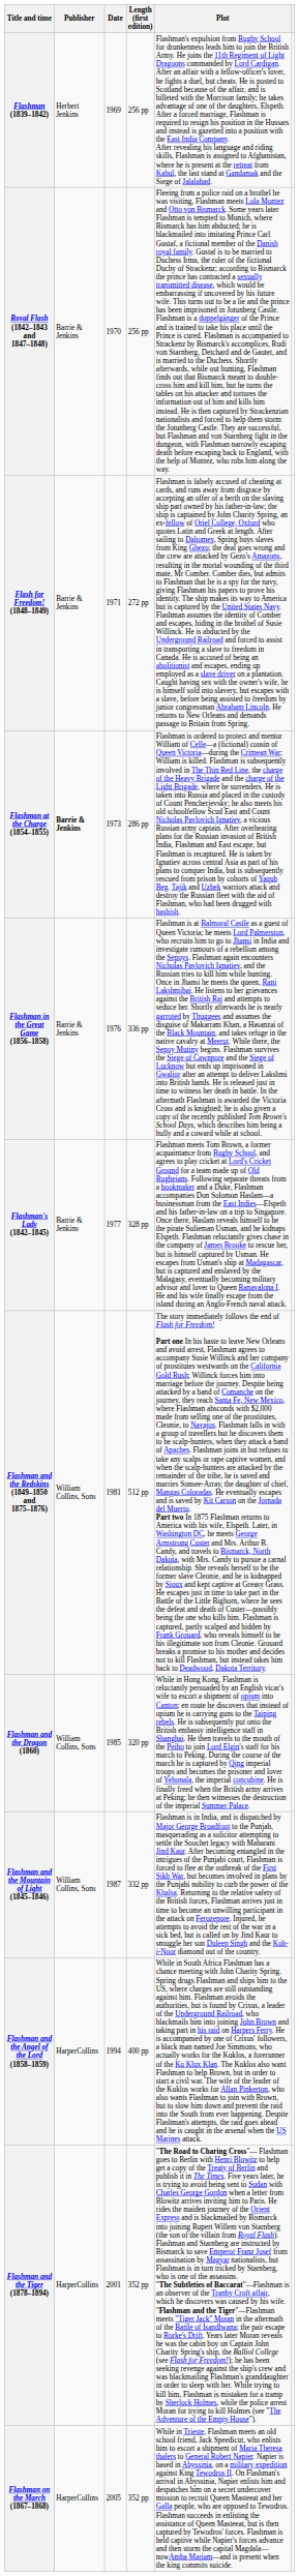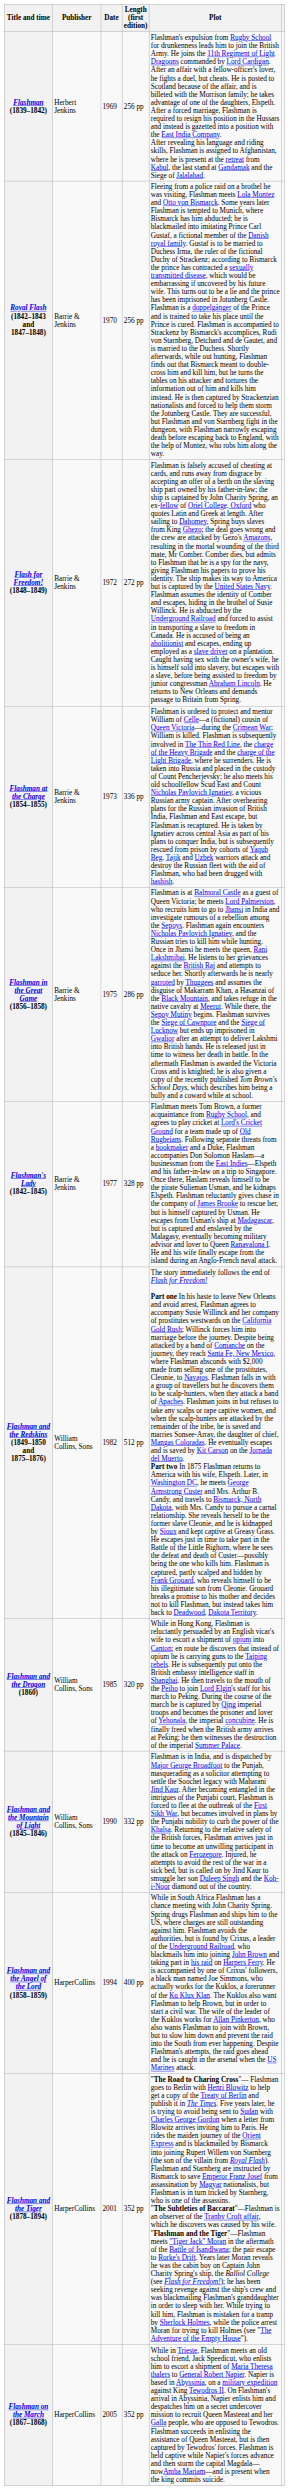 <table class="wikitable plainrowheaders sortable" style="margin-right: 0;">
 <tr>
 <th scope="col" style="width: 100px;">Title and time</th>
 <th scope="col" style="width: 100px;">Publisher</th>
 <th scope="col" style="width: 40px;">Date</th>
 <th scope="col" style="width: 20px;">Length (first edition)</th>
 <th scope="col" class="unsortable">Plot</th>
 <th scope="col" class="unsortable"></th>
 </tr>
 <tr>
 <th scope="row"><em><a href='#'>Flashman</a></em><br>(1839–1842)</th>
 <td>Herbert Jenkins</td>
 <td>1969</td>
 <td>256 pp</td>
 <td>Flashman's expulsion from <a href='#'>Rugby School</a> for drunkenness leads him to join the British Army. He joins the <a href='#'>11th Regiment of Light Dragoons</a> commanded by <a href='#'>Lord Cardigan</a>. After an affair with a fellow-officer's lover, he fights a duel, but cheats. He is posted to Scotland because of the affair, and is billeted with the Morrison family; he takes advantage of one of the daughters, Elspeth. After a forced marriage, Flashman is required to resign his position in the Hussars and instead is gazetted into a position with the <a href='#'>East India Company</a>.<br>After revealing his language and riding skills, Flashman is assigned to Afghanistan, where he is present at the <a href='#'>retreat</a> from <a href='#'>Kabul</a>, the last stand at <a href='#'>Gandamak</a> and the Siege of <a href='#'>Jalalabad</a>.</td>
 <td style="text-align: center;"></td>
 </tr>
 <tr>
 <th scope="row"><em><a href='#'>Royal Flash</a></em><br>(1842–1843 and <br>1847–1848)</th>
 <td>Barrie & Jenkins</td>
 <td>1970</td>
 <td>256 pp</td>
 <td>Fleeing from a police raid on a brothel he was visiting, Flashman meets <a href='#'>Lola Montez</a> and <a href='#'>Otto von Bismarck</a>. Some years later Flashman is tempted to Munich, where Bismarck has him abducted; he is blackmailed into imitating Prince Carl Gustaf, a fictional member of the <a href='#'>Danish royal family</a>. Gustaf is to be married to Duchess Irma, the ruler of the fictional Duchy of Strackenz; according to Bismarck the prince has contracted a <a href='#'>sexually transmitted disease</a>, which would be embarrassing if uncovered by his future wife. This turns out to be a lie and the prince has been imprisoned in Jotunberg Castle. Flashman is a <a href='#'>doppelgänger</a> of the Prince and is trained to take his place until the Prince is cured. Flashman is accompanied to Strackenz by Bismarck's accomplices, Rudi von Starnberg, Detchard and de Gautet, and is married to the Duchess. Shortly afterwards, while out hunting, Flashman finds out that Bismarck meant to double-cross him and kill him, but he turns the tables on his attacker and tortures the information out of him and kills him instead. He is then captured by Strackenzian nationalists and forced to help them storm the Jotunberg Castle. They are successful, but Flashman and von Starnberg fight in the dungeon, with Flashman narrowly escaping death before escaping back to England, with the help of Montez, who robs him along the way.</td>
 <td style="text-align: center;"></td>
 </tr>
 <tr>
 <th scope="row"><em><a href='#'>Flash for Freedom!</a></em><br>(1848–1849)</th>
 <td>Barrie & Jenkins</td>
-<td>1971</td>
+<td>1972</td>
 <td>272 pp</td>
 <td>Flashman is falsely accused of cheating at cards, and runs away from disgrace by accepting an offer of a berth on the slaving ship part owned by his father-in-law; the ship is captained by John Charity Spring, an ex-<a href='#'>fellow</a> of <a href='#'>Oriel College, Oxford</a> who quotes Latin and Greek at length. After sailing to <a href='#'>Dahomey</a>, Spring buys slaves from King <a href='#'>Ghezo</a>; the deal goes wrong and the crew are attacked by Gezo's <a href='#'>Amazons</a>, resulting in the mortal wounding of the third mate, Mr Comber. Comber dies, but admits to Flashman that he is a spy for the navy, giving Flashman his papers to prove his identity. The ship makes its way to America but is captured by the <a href='#'>United States Navy</a>. Flashman assumes the identity of Comber and escapes, hiding in the brothel of Susie Willinck. He is abducted by the <a href='#'>Underground Railroad</a> and forced to assist in transporting a slave to freedom in Canada. He is accused of being an <a href='#'>abolitionist</a> and escapes, ending up employed as a <a href='#'>slave driver</a> on a plantation. Caught having sex with the owner's wife, he is himself sold into slavery, but escapes with a slave, before being assisted to freedom by junior congressman <a href='#'>Abraham Lincoln</a>. He returns to New Orleans and demands passage to Britain from Spring.</td>
 <td style="text-align: center;"></td>
 </tr>
 <tr>
 <th scope="row"><em><a href='#'>Flashman at the Charge</a></em><br>(1854–1855)</th>
-<td><strong>Barrie & Jenkins</strong></td>
+<td>Barrie & Jenkins</td>
 <td>1973</td>
-<td>286 pp</td>
+<td>336 pp</td>
 <td>Flashman is ordered to protect and mentor William of <a href='#'>Celle</a>—a (fictional) cousin of <a href='#'>Queen Victoria</a>—during the <a href='#'>Crimean War</a>; William is killed. Flashman is subsequently involved in <a href='#'>The Thin Red Line</a>, the <a href='#'>charge of the Heavy Brigade</a> and the <a href='#'>charge of the Light Brigade</a>, where he surrenders. He is taken into Russia and placed in the custody of Count Pencherjevsky; he also meets his old schoolfellow Scud East and Count <a href='#'>Nicholas Pavlovich Ignatiev</a>, a vicious Russian army captain. After overhearing plans for the Russian invasion of British India, Flashman and East escape, but Flashman is recaptured. He is taken by Ignatiev across central Asia as part of his plans to conquer India, but is subsequently rescued from prison by cohorts of <a href='#'>Yaqub Beg</a>. <a href='#'>Tajik</a> and <a href='#'>Uzbek</a> warriors attack and destroy the Russian fleet with the aid of Flashman, who had been drugged with <a href='#'>hashish</a>.</td>
 <td style="text-align: center;"></td>
 </tr>
 <tr>
 <th scope="row"><em><a href='#'>Flashman in the Great Game</a></em><br>(1856–1858)</th>
 <td>Barrie & Jenkins</td>
-<td>1976</td>
-<td>336 pp</td>
+<td>1975</td>
+<td>286 pp</td>
 <td>Flashman is at <a href='#'>Balmoral Castle</a> as a guest of Queen Victoria; he meets <a href='#'>Lord Palmerston</a>, who recruits him to go to <a href='#'>Jhansi</a> in India and investigate rumours of a rebellion among the <a href='#'>Sepoys</a>. Flashman again encounters <a href='#'>Nicholas Pavlovich Ignatiev</a>, and the Russian tries to kill him while hunting. Once in Jhansi he meets the queen, <a href='#'>Rani Lakshmibai</a>. He listens to her grievances against the <a href='#'>British Raj</a> and attempts to seduce her. Shortly afterwards he is nearly <a href='#'>garroted</a> by <a href='#'>Thuggees</a> and assumes the disguise of Makarram Khan, a Hasanzai of the <a href='#'>Black Mountain</a>, and takes refuge in the native cavalry at <a href='#'>Meerut</a>.  While there, the <a href='#'>Sepoy Mutiny</a> begins. Flashman survives the <a href='#'>Siege of Cawnpore</a> and the <a href='#'>Siege of Lucknow</a> but ends up imprisoned in <a href='#'>Gwalior</a> after an attempt to deliver Lakshmi into British hands.  He is released just in time to witness her death in battle. In the aftermath Flashman is awarded the Victoria Cross and is knighted; he is also given a copy of the recently published <em>Tom Brown's School Days</em>, which describes him being a bully and a coward while at school.</td>
 <td style="text-align: center;"></td>
 </tr>
 <tr>
 <th scope="row"><em><a href='#'>Flashman's Lady</a></em><br>(1842–1845)</th>
 <td>Barrie & Jenkins</td>
 <td>1977</td>
 <td>328 pp</td>
 <td>Flashman meets Tom Brown, a former acquaintance from <a href='#'>Rugby School</a>, and agrees to play cricket at <a href='#'>Lord's Cricket Ground</a> for a team made up of <a href='#'>Old Rugbeians</a>. Following separate threats from a <a href='#'>bookmaker</a> and a Duke, Flashman accompanies Don Solomon Haslam—a businessman from the <a href='#'>East Indies</a>—Elspeth and his father-in-law on a trip to Singapore. Once there, Haslam reveals himself to be the pirate Sulieman Usman, and he kidnaps Elspeth. Flashman reluctantly gives chase in the company of <a href='#'>James Brooke</a> to rescue her, but is himself captured by Usman. He escapes from Usman's ship at <a href='#'>Madagascar</a>, but is captured and enslaved by the Malagasy, eventually becoming military advisor and lover to Queen <a href='#'>Ranavalona I</a>. He and his wife finally escape from the island during an Anglo-French naval attack.</td>
 <td style="text-align: center;"></td>
 </tr>
 <tr>
 <th scope="row"><em><a href='#'>Flashman and the Redskins</a></em><br>(1849–1850 and <br>1875–1876)</th>
 <td>William Collins, Sons</td>
-<td>1981</td>
+<td>1982</td>
 <td>512 pp</td>
 <td>The story immediately follows the end of <em><a href='#'>Flash for Freedom!</a></em><br><br><strong>Part one</strong> In his haste to leave New Orleans and avoid arrest, Flashman agrees to accompany Susie Willinck and her company of prostitutes westwards on the <a href='#'>California Gold Rush</a>; Willinck forces him into marriage before the journey. Despite being attacked by a band of <a href='#'>Comanche</a> on the journey, they reach <a href='#'>Santa Fe, New Mexico</a>, where Flashman absconds with $2,000 made from selling one of the prostitutes, Cleonie, to <a href='#'>Navajos</a>. Flashman falls in with a group of travellers but he discovers them to be scalp-hunters, when they attack a band of <a href='#'>Apaches</a>. Flashman joins in but refuses to take any scalps or rape captive women, and when the scalp-hunters are attacked by the remainder of the tribe, he is saved and marries Sonsee-Array, the daughter of chief, <a href='#'>Mangas Coloradas</a>. He eventually escapes and is saved by <a href='#'>Kit Carson</a> on the <a href='#'>Jornada del Muerto</a>.<br><strong>Part two</strong> In 1875 Flashman returns to America with his wife, Elspeth. Later, in <a href='#'>Washington DC</a>, he meets <a href='#'>George Armstrong Custer</a> and Mrs. Arthur B. Candy, and travels to <a href='#'>Bismarck, North Dakota</a>, with Mrs. Candy to pursue a carnal relationship. She reveals herself to be the former slave Cleonie, and he is kidnapped by <a href='#'>Sioux</a> and kept captive at Greasy Grass.  He escapes just in time to take part in the Battle of the Little Bighorn, where he sees the defeat and death of Custer—possibly being the one who kills him. Flashman is captured, partly scalped and hidden by <a href='#'>Frank Grouard</a>, who reveals himself to be his illegitimate son from Cleonie. Grouard breaks a promise to his mother and decides not to kill Flashman, but instead takes him back to <a href='#'>Deadwood</a>, <a href='#'>Dakota Territory</a>.</td>
 <td style="text-align: center;"></td>
 </tr>
 <tr>
 <th scope="row"><em><a href='#'>Flashman and the Dragon</a></em><br>(1860)</th>
 <td>William Collins, Sons</td>
 <td>1985</td>
 <td>320 pp</td>
 <td>While in Hong Kong, Flashman is reluctantly persuaded by an English vicar's wife to escort a shipment of <a href='#'>opium</a> into <a href='#'>Canton</a>; en route he discovers that instead of opium he is carrying guns to the <a href='#'>Taiping rebels</a>. He is subsequently put onto the British embassy intelligence staff in <a href='#'>Shanghai</a>. He then travels to the mouth of the <a href='#'>Peiho</a> to join <a href='#'>Lord Elgin</a>'s staff for his march to Peking.  During the course of the march he is captured by <a href='#'>Qing</a> imperial troops and becomes the prisoner and lover of <a href='#'>Yehonala</a>, the imperial <a href='#'>concubine</a>. He is finally freed when the British army arrives at Peking; he then witnesses the destruction of the imperial <a href='#'>Summer Palace</a>.</td>
 <td style="text-align: center;"></td>
 </tr>
 <tr>
 <th scope="row"><em><a href='#'>Flashman and the Mountain of Light</a></em><br>(1845–1846)</th>
 <td>William Collins, Sons</td>
-<td>1987</td>
+<td>1990</td>
 <td>332 pp</td>
 <td>Flashman is in India, and is dispatched by <a href='#'>Major George Broadfoot</a> to the Punjab, masquerading as a solicitor attempting to settle the Soochet legacy with Maharani <a href='#'>Jind Kaur</a>. After becoming entangled in the intrigues of the Punjabi court, Flashman is forced to flee at the outbreak of the <a href='#'>First Sikh War</a>, but becomes involved in plans by the Punjabi nobility to curb the power of the <a href='#'>Khalsa</a>. Returning to the relative safety of the British forces, Flashman arrives just in time to become an unwilling participant in the attack on <a href='#'>Ferozepore</a>. Injured, he attempts to avoid the rest of the war in a sick bed, but is called on by Jind Kaur to smuggle her son <a href='#'>Duleep Singh</a> and the <a href='#'>Koh-i-Noor</a> diamond out of the country.</td>
 <td style="text-align: center;"></td>
 </tr>
 <tr>
 <th scope="row"><em><a href='#'>Flashman and the Angel of the Lord</a></em><br>(1858–1859)</th>
 <td>HarperCollins</td>
 <td>1994</td>
 <td>400 pp</td>
 <td>While in South Africa Flashman has a chance meeting with John Charity Spring. Spring drugs Flashman and ships him to the US, where charges are still outstanding against him. Flashman avoids the authorities, but is found by Crixus, a leader of the <a href='#'>Underground Railroad</a>, who blackmails him into joining <a href='#'>John Brown</a> and taking part in <a href='#'>his raid</a> on <a href='#'>Harpers Ferry</a>. He is accompanied by one of Crixus' followers, a black man named Joe Simmons, who actually works for the Kuklos, a forerunner of the <a href='#'>Ku Klux Klan</a>. The Kuklos also want Flashman to help Brown, but in order to start a civil war. The wife of the leader of the Kuklos works for <a href='#'>Allan Pinkerton</a>, who also wants Flashman to join with Brown, but to slow him down and prevent the raid into the South from ever happening. Despite Flashman's attempts, the raid goes ahead and he is caught in the arsenal when the <a href='#'>US Marines</a> attack.</td>
 <td style="text-align: center;"></td>
 </tr>
 <tr>
 <th scope="row"><em><a href='#'>Flashman and the Tiger</a></em><br>(1878–1894)</th>
 <td>HarperCollins</td>
 <td>2001</td>
 <td>352 pp</td>
 <td>"<strong>The Road to Charing Cross</strong>"— Flashman goes to Berlin with <a href='#'>Henri Blowitz</a> to help get a copy of the <a href='#'>Treaty of Berlin</a> and publish it in <em><a href='#'>The Times</a></em>. Five years later, he is trying to avoid being sent to <a href='#'>Sudan</a> with <a href='#'>Charles George Gordon</a> when a letter from Blowitz arrives inviting him to Paris. He rides the maiden journey of the <a href='#'>Orient Express</a> and is blackmailed by Bismarck into joining Rupert Willem von Starnberg (the son of the villain from <em><a href='#'>Royal Flash</a></em>). Flashman and Starnberg are instructed by Bismarck to save <a href='#'>Emperor Franz Josef</a> from assassination by <a href='#'>Magyar</a> nationalists, but Flashman is in turn tricked by Starnberg, who is one of the assassins.<br>"<strong>The Subtleties of Baccarat</strong>"—Flashman is an observer of the <a href='#'>Tranby Croft affair</a>, which he discovers was caused by his wife. <br>"<strong>Flashman and the Tiger</strong>"—Flashman meets <a href='#'>"Tiger Jack" Moran</a> in the aftermath of the <a href='#'>Battle of Isandlwana</a>; the pair escape to <a href='#'>Rorke's Drift</a>. Years later Moran reveals he was the cabin boy on Captain John Charity Spring's ship, the <em>Balliol College</em> (see <em><a href='#'>Flash for Freedom!</a></em>); he has been seeking revenge against the ship's crew and was blackmailing Flashman's granddaughter in order to sleep with her. While trying to kill him, Flashman is mistaken for a tramp by <a href='#'>Sherlock Holmes</a>, while the police arrest Moran for trying to kill Holmes (see "<a href='#'>The Adventure of the Empty House</a>").</td>
 <td style="text-align: center;"></td>
 </tr>
 <tr>
 <th scope="row"><em><a href='#'>Flashman on the March</a></em><br>(1867–1868)</th>
 <td>HarperCollins</td>
 <td>2005</td>
 <td>352 pp</td>
 <td>While in <a href='#'>Trieste</a>, Flashman meets an old school friend, Jack Speedicut, who enlists him to escort a shipment of <a href='#'>Maria Theresa thalers</a> to <a href='#'>General Robert Napier</a>. Napier is based in <a href='#'>Abyssinia</a>, on a <a href='#'>military expedition</a> against King <a href='#'>Tewodros II</a>. On Flashman's arrival in Abyssinia, Napier enlists him and despatches him on a secret undercover mission to recruit Queen Masteeat and her <a href='#'>Galla</a> people, who are opposed to Tewodros. Flashman succeeds in enlisting the assistance of Queen Masteeat, but is then captured by Tewodros' forces. Flashman is held captive while Napier's forces advance and then storm the capital Magdala—now<a href='#'>Amba Mariam</a>—and is present when the king commits suicide.</td>
 <td style="text-align: center;"></td>
 </tr>
 </table>
